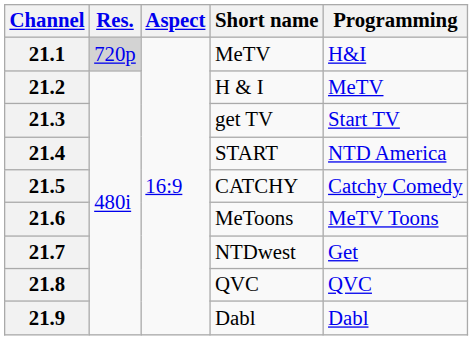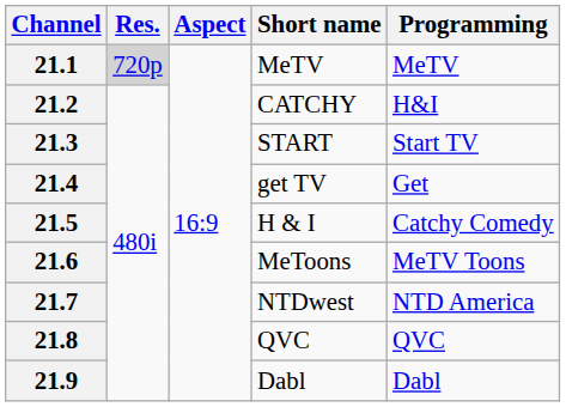 <table class="wikitable">
 <tr>
 <th scope = "col"><a href='#'>Channel</a></th>
 <th scope = "col"><a href='#'>Res.</a></th>
 <th scope = "col"><a href='#'>Aspect</a></th>
 <th scope = "col">Short name</th>
 <th scope = "col">Programming</th>
 </tr>
 <tr>
 <th scope = "row">21.1</th>
 <td style="background: lightgrey;"><a href='#'>720p</a></td>
 <td rowspan=9><a href='#'>16:9</a></td>
 <td>MeTV</td>
-<td><a href='#'>H&I</a></td>
+<td><a href='#'>MeTV</a></td>
 </tr>
 <tr>
 <th scope = "row">21.2</th>
 <td rowspan=8><a href='#'>480i</a></td>
-<td>H & I</td>
-<td><a href='#'>MeTV</a></td>
+<td>CATCHY</td>
+<td><a href='#'>H&I</a></td>
 </tr>
 <tr>
 <th scope = "row">21.3</th>
-<td>get TV</td>
+<td>START</td>
 <td><a href='#'>Start TV</a></td>
 </tr>
 <tr>
 <th scope = "row">21.4</th>
-<td>START</td>
-<td><a href='#'>NTD America</a></td>
+<td>get TV</td>
+<td><a href='#'>Get</a></td>
 </tr>
 <tr>
 <th scope = "row">21.5</th>
-<td>CATCHY</td>
+<td>H & I</td>
 <td><a href='#'>Catchy Comedy</a></td>
 </tr>
 <tr>
 <th scope = "row">21.6</th>
 <td>MeToons</td>
 <td><a href='#'>MeTV Toons</a></td>
 </tr>
 <tr>
 <th scope = "row">21.7</th>
 <td>NTDwest</td>
-<td><a href='#'>Get</a></td>
+<td><a href='#'>NTD America</a></td>
 </tr>
 <tr>
 <th scope = "row">21.8</th>
 <td>QVC</td>
 <td><a href='#'>QVC</a></td>
 </tr>
 <tr>
 <th scope = "row">21.9</th>
 <td>Dabl</td>
 <td><a href='#'>Dabl</a></td>
 </tr>
 </table>
